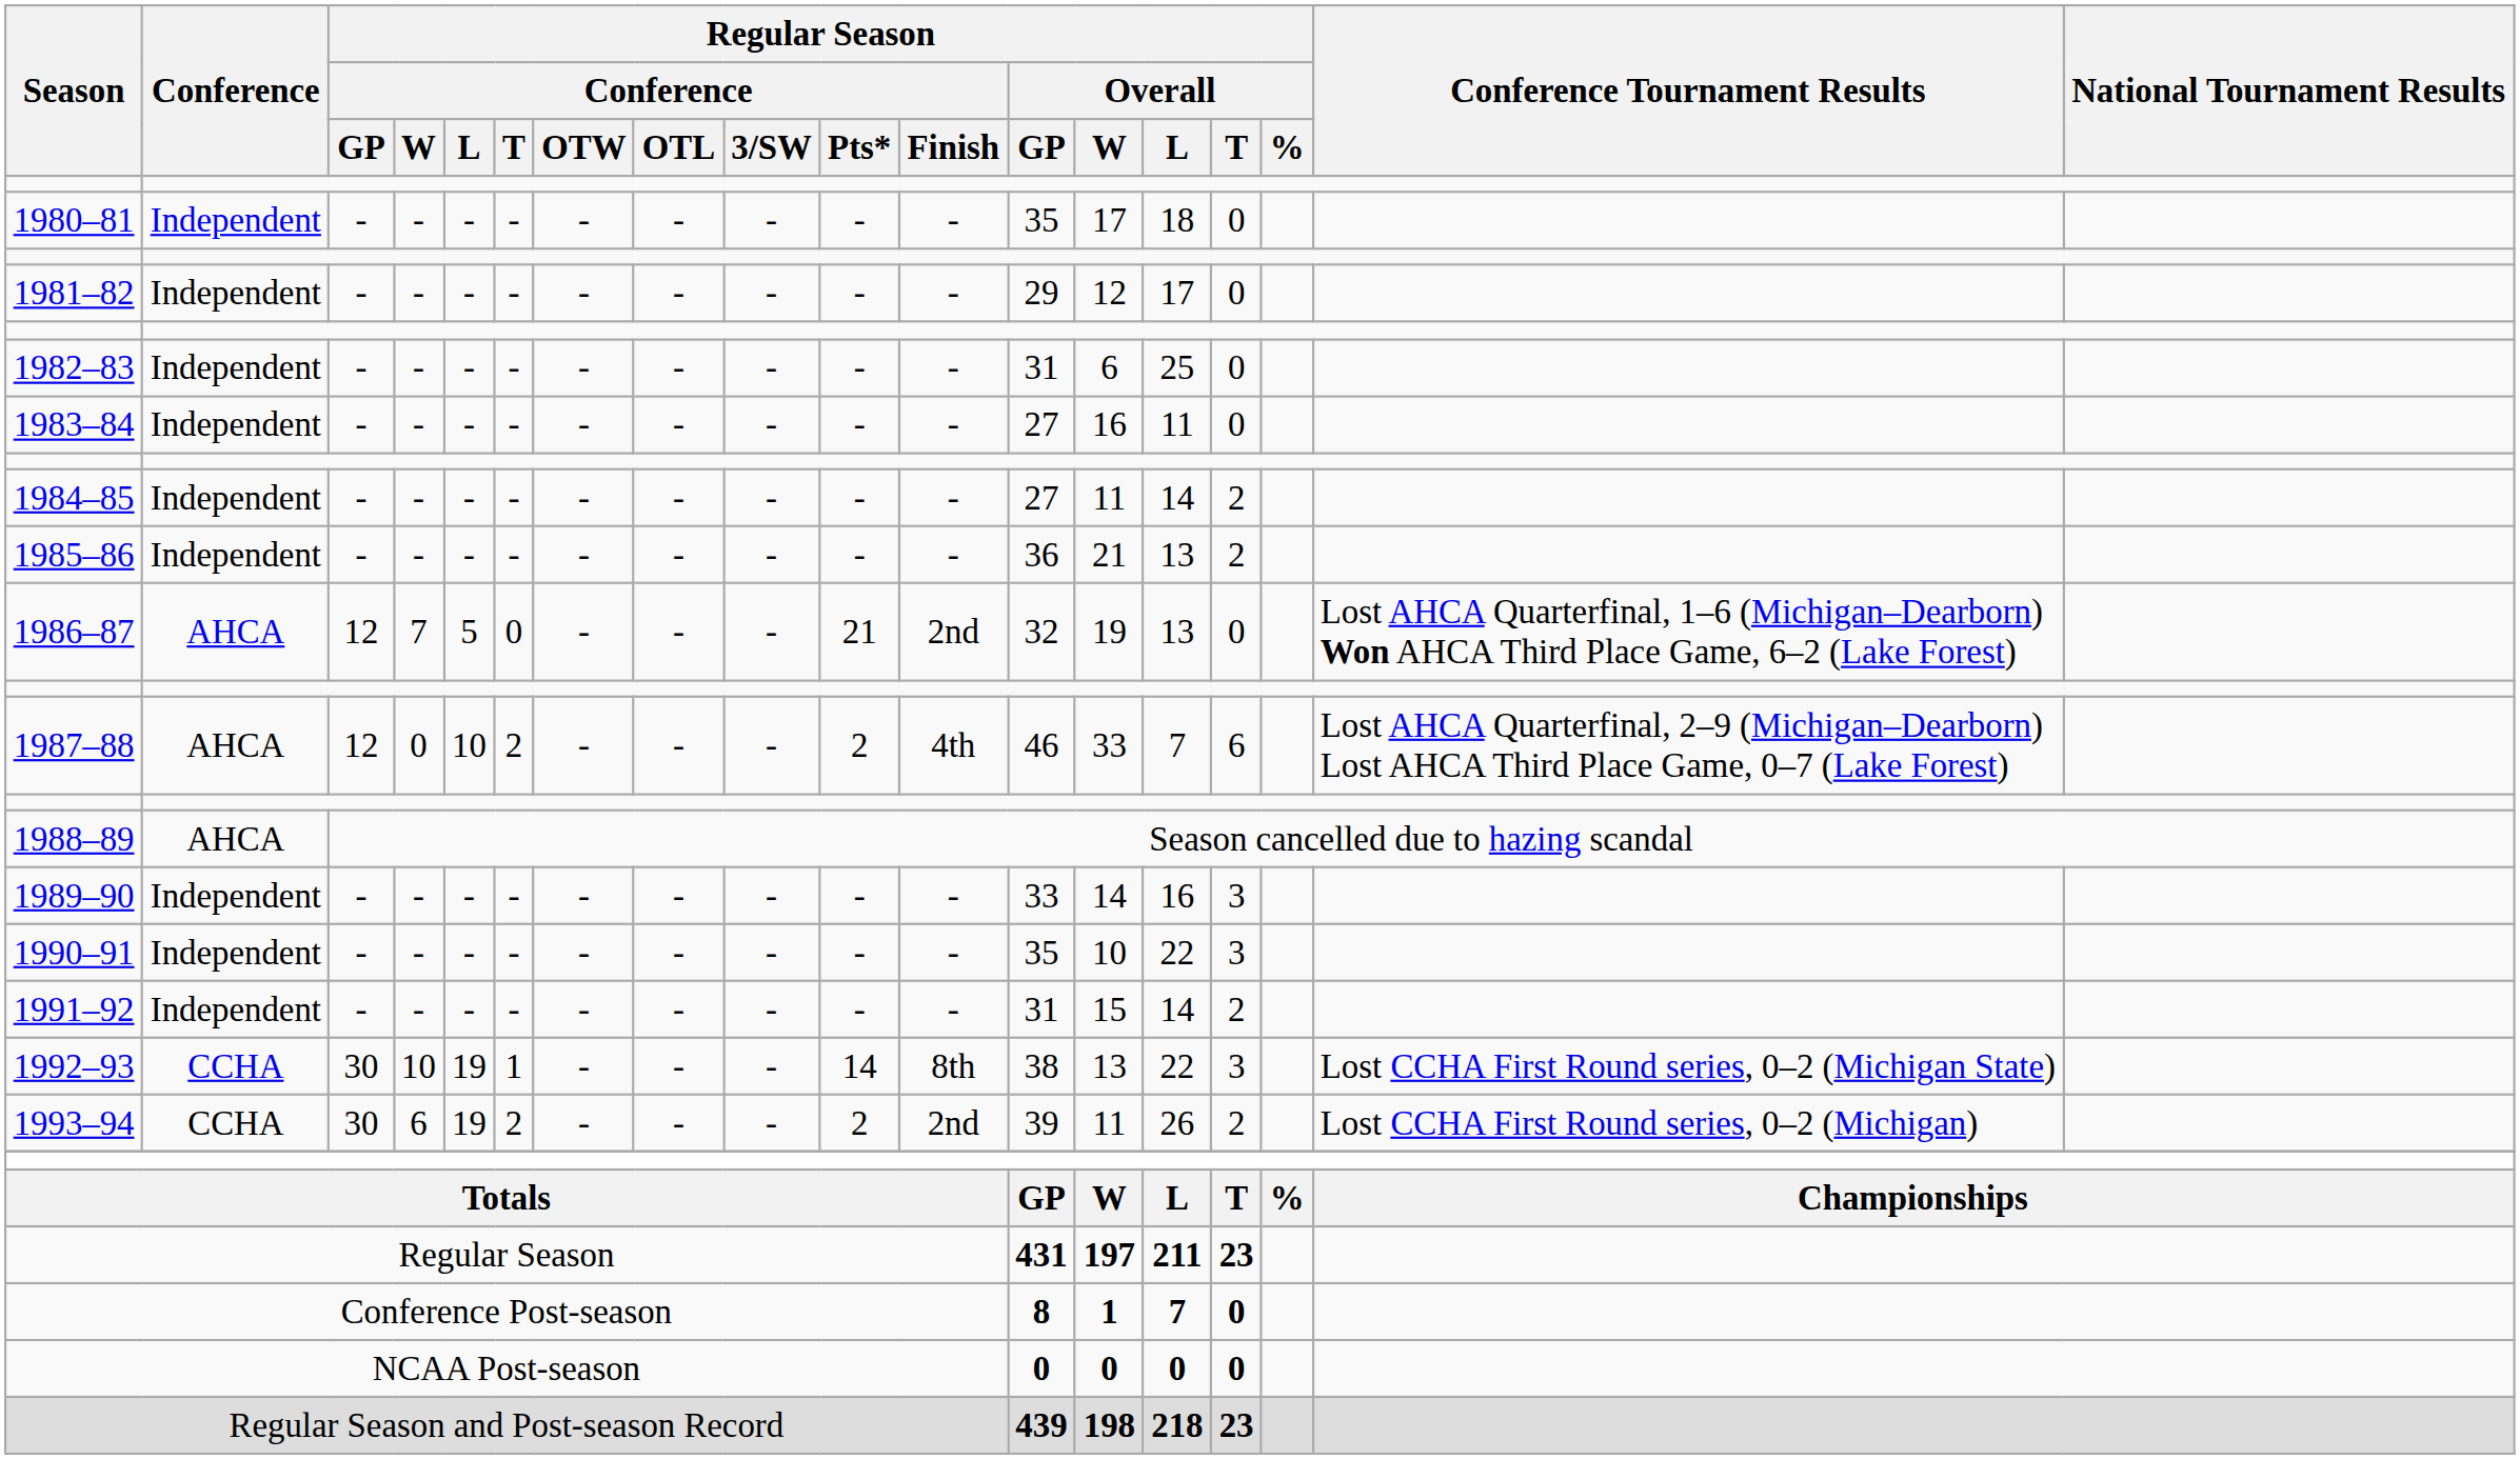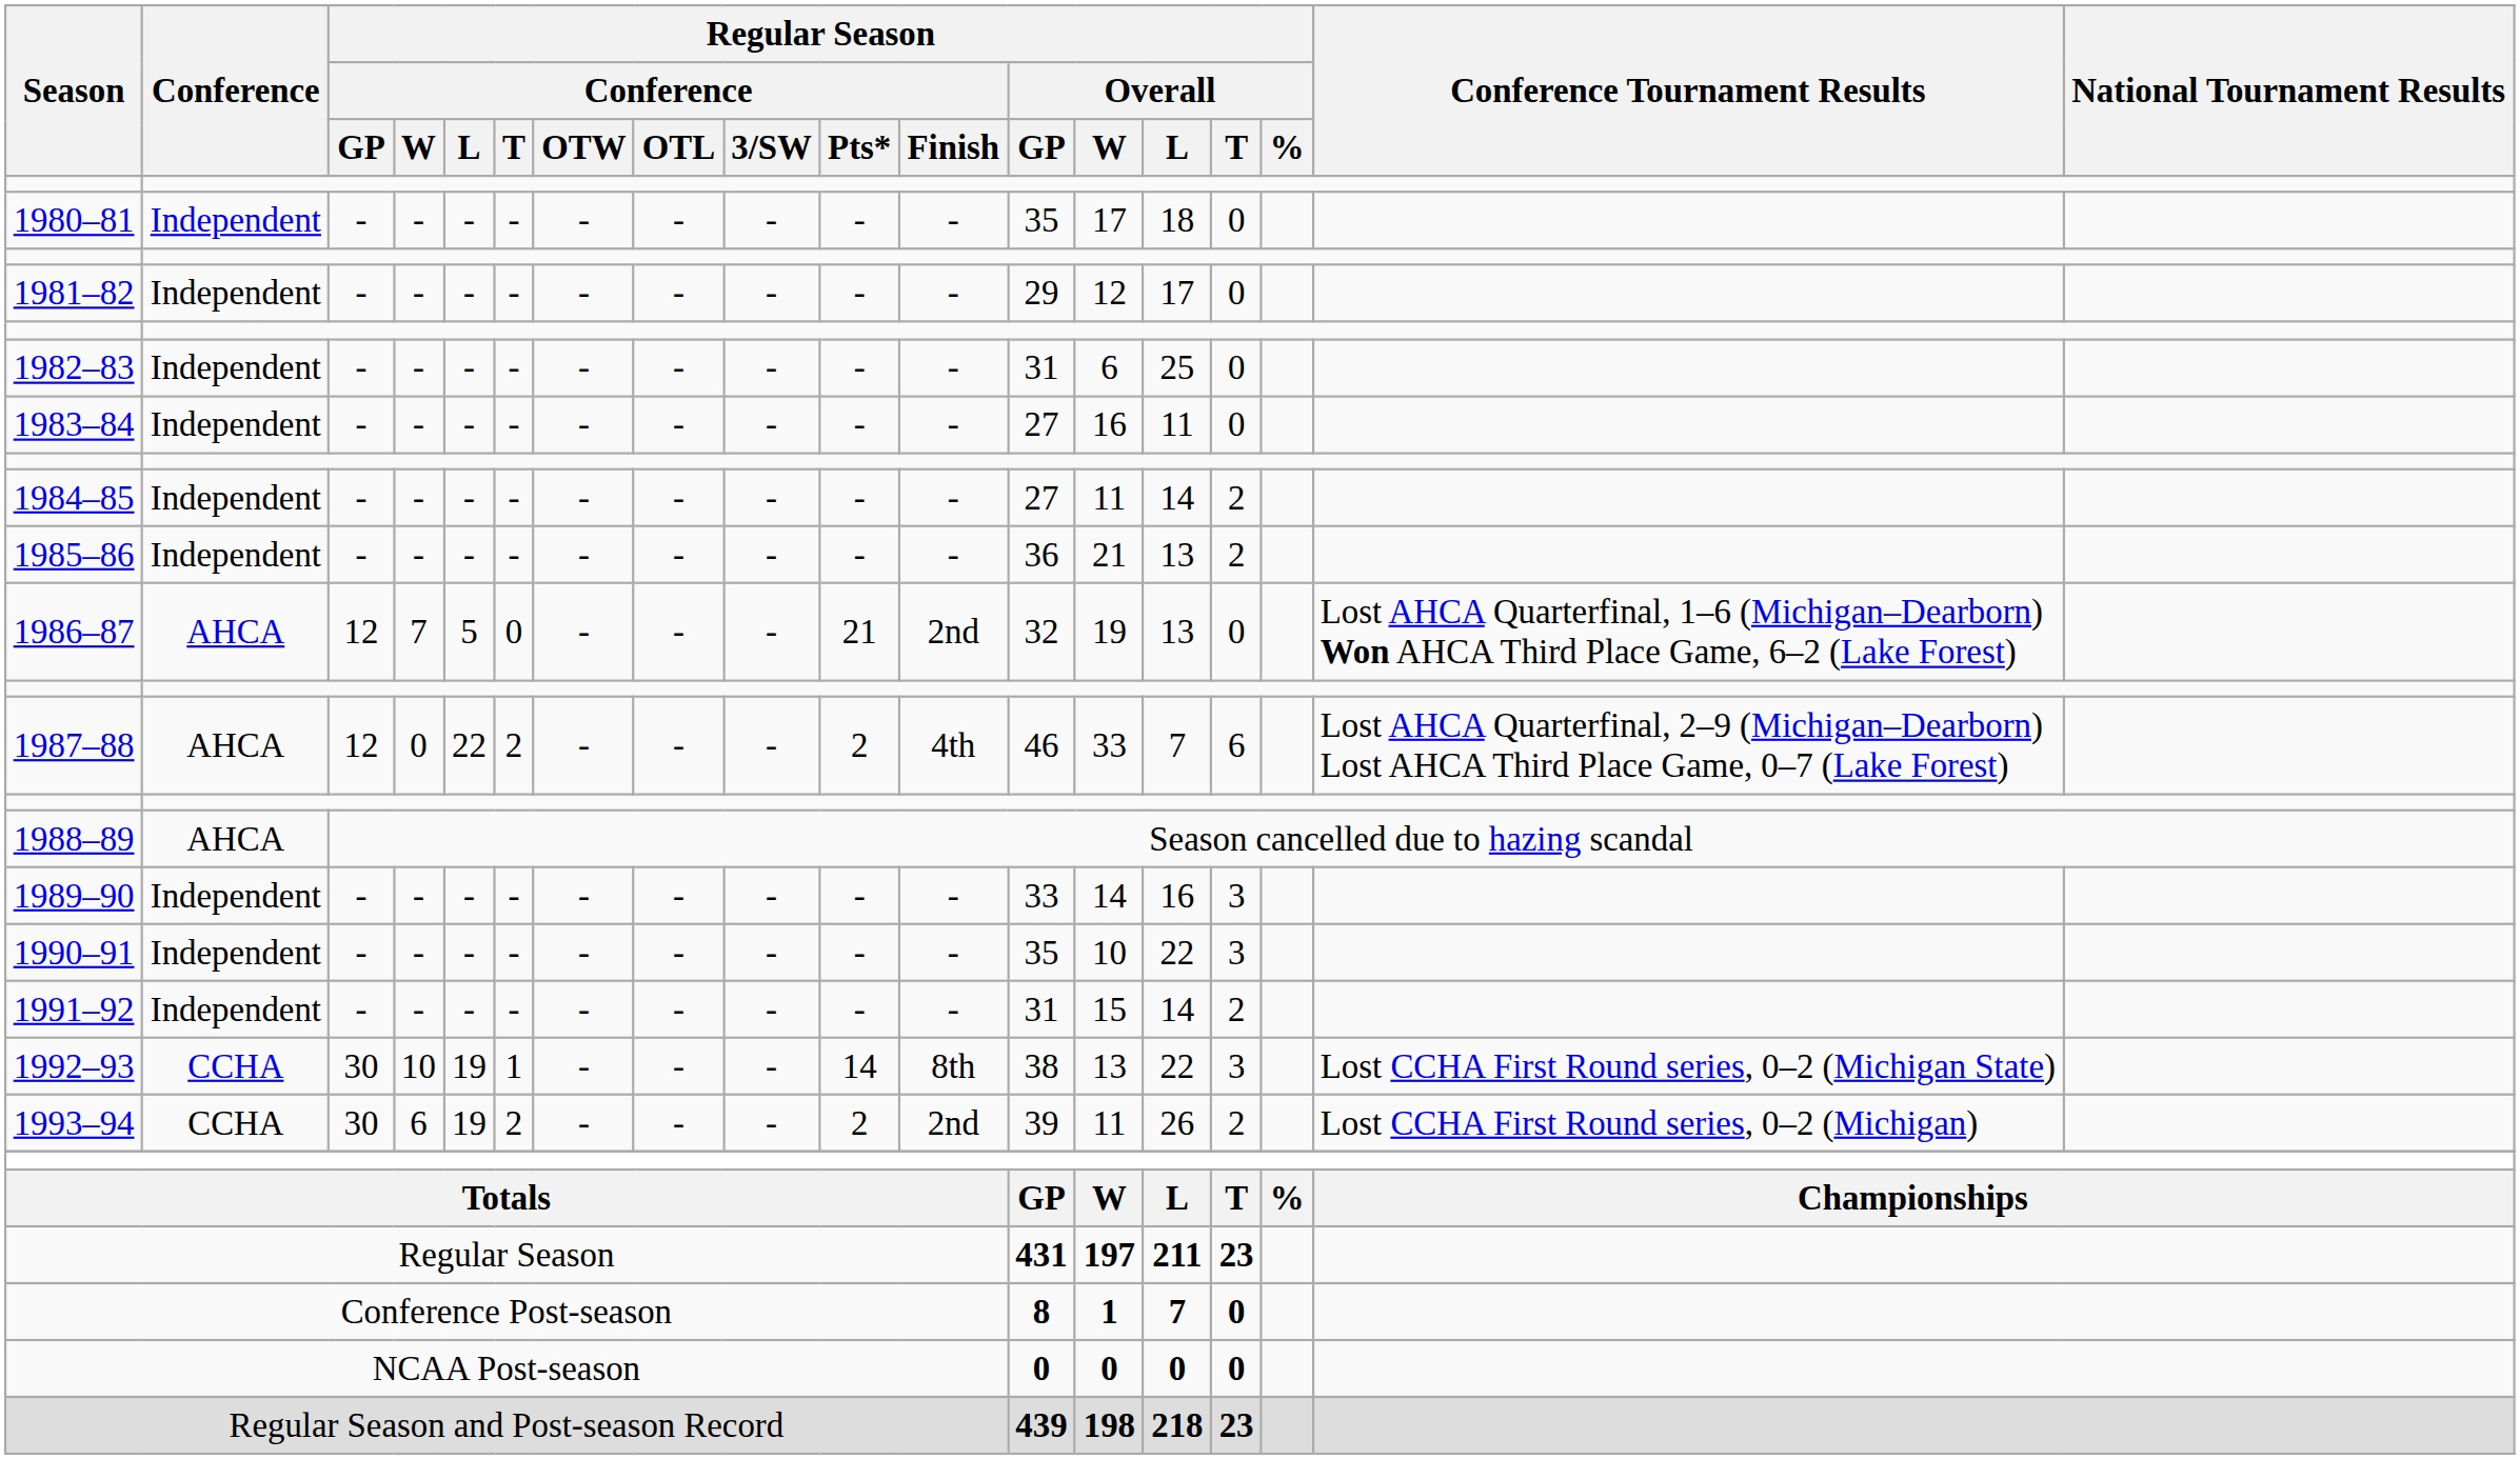 <table class="wikitable" style="text-align: center; font-size: 95%">
 <tr>
 <th rowspan="3">Season</th>
 <th rowspan="3">Conference</th>
 <th colspan="14">Regular Season</th>
 <th rowspan="3">Conference Tournament Results</th>
 <th rowspan="3">National Tournament Results</th>
 </tr>
 <tr>
 <th colspan="9">Conference</th>
 <th colspan="5">Overall</th>
 </tr>
 <tr>
 <th>GP</th>
 <th>W</th>
 <th>L</th>
 <th>T</th>
 <th>OTW</th>
 <th>OTL</th>
 <th>3/SW</th>
 <th>Pts*</th>
 <th>Finish</th>
 <th>GP</th>
 <th>W</th>
 <th>L</th>
 <th>T</th>
 <th>%</th>
 </tr>
 <tr>
 <td><a href='#'></a> </td>
 </tr>
 <tr>
 <td><a href='#'>1980–81</a></td>
 <td><a href='#'>Independent</a></td>
 <td>-</td>
 <td>-</td>
 <td>-</td>
 <td>-</td>
 <td>-</td>
 <td>-</td>
 <td>-</td>
 <td>-</td>
 <td>-</td>
 <td>35</td>
 <td>17</td>
 <td>18</td>
 <td>0</td>
 <td></td>
 <td align="left"></td>
 <td align="left"></td>
 </tr>
 <tr>
 <td><a href='#'></a> </td>
 </tr>
 <tr>
 <td><a href='#'>1981–82</a></td>
 <td>Independent</td>
 <td>-</td>
 <td>-</td>
 <td>-</td>
 <td>-</td>
 <td>-</td>
 <td>-</td>
 <td>-</td>
 <td>-</td>
 <td>-</td>
 <td>29</td>
 <td>12</td>
 <td>17</td>
 <td>0</td>
 <td></td>
 <td align="left"></td>
 <td align="left"></td>
 </tr>
 <tr>
 <td><a href='#'></a> </td>
 </tr>
 <tr>
 <td><a href='#'>1982–83</a></td>
 <td>Independent</td>
 <td>-</td>
 <td>-</td>
 <td>-</td>
 <td>-</td>
 <td>-</td>
 <td>-</td>
 <td>-</td>
 <td>-</td>
 <td>-</td>
 <td>31</td>
 <td>6</td>
 <td>25</td>
 <td>0</td>
 <td></td>
 <td align="left"></td>
 <td align="left"></td>
 </tr>
 <tr>
 <td><a href='#'>1983–84</a></td>
 <td>Independent</td>
 <td>-</td>
 <td>-</td>
 <td>-</td>
 <td>-</td>
 <td>-</td>
 <td>-</td>
 <td>-</td>
 <td>-</td>
 <td>-</td>
 <td>27</td>
 <td>16</td>
 <td>11</td>
 <td>0</td>
 <td></td>
 <td align="left"></td>
 <td align="left"></td>
 </tr>
 <tr>
 <td><a href='#'></a> </td>
 </tr>
 <tr>
 <td><a href='#'>1984–85</a></td>
 <td>Independent</td>
 <td>-</td>
 <td>-</td>
 <td>-</td>
 <td>-</td>
 <td>-</td>
 <td>-</td>
 <td>-</td>
 <td>-</td>
 <td>-</td>
 <td>27</td>
 <td>11</td>
 <td>14</td>
 <td>2</td>
 <td></td>
 <td align="left"></td>
 <td align="left"></td>
 </tr>
 <tr>
 <td><a href='#'>1985–86</a></td>
 <td>Independent</td>
 <td>-</td>
 <td>-</td>
 <td>-</td>
 <td>-</td>
 <td>-</td>
 <td>-</td>
 <td>-</td>
 <td>-</td>
 <td>-</td>
 <td>36</td>
 <td>21</td>
 <td>13</td>
 <td>2</td>
 <td></td>
 <td align="left"></td>
 <td align="left"></td>
 </tr>
 <tr>
 <td><a href='#'>1986–87</a></td>
 <td><a href='#'>AHCA</a></td>
 <td>12</td>
 <td>7</td>
 <td>5</td>
 <td>0</td>
 <td>-</td>
 <td>-</td>
 <td>-</td>
 <td>21</td>
 <td>2nd</td>
 <td>32</td>
 <td>19</td>
 <td>13</td>
 <td>0</td>
 <td></td>
 <td align="left">Lost <a href='#'>AHCA</a> Quarterfinal, 1–6 (<a href='#'>Michigan–Dearborn</a>)<br> <strong>Won</strong> AHCA Third Place Game, 6–2 (<a href='#'>Lake Forest</a>)</td>
 <td align="left"></td>
 </tr>
 <tr>
 <td><a href='#'></a> </td>
 </tr>
 <tr>
 <td><a href='#'>1987–88</a></td>
 <td>AHCA</td>
 <td>12</td>
 <td>0</td>
-<td>10</td>
+<td>22</td>
 <td>2</td>
 <td>-</td>
 <td>-</td>
 <td>-</td>
 <td>2</td>
 <td>4th</td>
 <td>46</td>
 <td>33</td>
 <td>7</td>
 <td>6</td>
 <td></td>
 <td align="left">Lost <a href='#'>AHCA</a> Quarterfinal, 2–9 (<a href='#'>Michigan–Dearborn</a>)<br> Lost AHCA Third Place Game, 0–7 (<a href='#'>Lake Forest</a>)</td>
 <td align="left"></td>
 </tr>
 <tr>
 <td><a href='#'></a> </td>
 </tr>
 <tr>
 <td><a href='#'>1988–89</a></td>
 <td>AHCA</td>
 <td colspan=16>Season cancelled due to <a href='#'>hazing</a> scandal</td>
 </tr>
 <tr>
 <td><a href='#'>1989–90</a></td>
 <td>Independent</td>
 <td>-</td>
 <td>-</td>
 <td>-</td>
 <td>-</td>
 <td>-</td>
 <td>-</td>
 <td>-</td>
 <td>-</td>
 <td>-</td>
 <td>33</td>
 <td>14</td>
 <td>16</td>
 <td>3</td>
 <td></td>
 <td align="left"></td>
 <td align="left"></td>
 </tr>
 <tr>
 <td><a href='#'>1990–91</a></td>
 <td>Independent</td>
 <td>-</td>
 <td>-</td>
 <td>-</td>
 <td>-</td>
 <td>-</td>
 <td>-</td>
 <td>-</td>
 <td>-</td>
 <td>-</td>
 <td>35</td>
 <td>10</td>
 <td>22</td>
 <td>3</td>
 <td></td>
 <td align="left"></td>
 <td align="left"></td>
 </tr>
 <tr>
 <td><a href='#'>1991–92</a></td>
 <td>Independent</td>
 <td>-</td>
 <td>-</td>
 <td>-</td>
 <td>-</td>
 <td>-</td>
 <td>-</td>
 <td>-</td>
 <td>-</td>
 <td>-</td>
 <td>31</td>
 <td>15</td>
 <td>14</td>
 <td>2</td>
 <td></td>
 <td align="left"></td>
 <td align="left"></td>
 </tr>
 <tr>
 <td><a href='#'>1992–93</a></td>
 <td><a href='#'>CCHA</a></td>
 <td>30</td>
 <td>10</td>
 <td>19</td>
 <td>1</td>
 <td>-</td>
 <td>-</td>
 <td>-</td>
 <td>14</td>
 <td>8th</td>
 <td>38</td>
 <td>13</td>
 <td>22</td>
 <td>3</td>
 <td></td>
 <td align="left">Lost <a href='#'>CCHA First Round series</a>, 0–2 (<a href='#'>Michigan State</a>)</td>
 <td align="left"></td>
 </tr>
 <tr>
 <td><a href='#'>1993–94</a></td>
 <td>CCHA</td>
 <td>30</td>
 <td>6</td>
 <td>19</td>
 <td>2</td>
 <td>-</td>
 <td>-</td>
 <td>-</td>
 <td>2</td>
 <td>2nd</td>
 <td>39</td>
 <td>11</td>
 <td>26</td>
 <td>2</td>
 <td></td>
 <td align="left">Lost <a href='#'>CCHA First Round series</a>, 0–2 (<a href='#'>Michigan</a>)</td>
 <td align="left"></td>
 </tr>
 <tr>
 </tr>
 <tr ->
 </tr>
 <tr>
 <td colspan="18" style="background:#fff;"></td>
 </tr>
 <tr>
 <th colspan="11">Totals</th>
 <th>GP</th>
 <th>W</th>
 <th>L</th>
 <th>T</th>
 <th>%</th>
 <th colspan="2">Championships</th>
 </tr>
 <tr>
 <td colspan="11">Regular Season</td>
 <td><strong>431</strong></td>
 <td><strong>197</strong></td>
 <td><strong>211</strong></td>
 <td><strong>23</strong></td>
 <td><strong></strong></td>
 <td colspan="2" align="left"></td>
 </tr>
 <tr>
 <td colspan="11">Conference Post-season</td>
 <td><strong>8</strong></td>
 <td><strong>1</strong></td>
 <td><strong>7</strong></td>
 <td><strong>0</strong></td>
 <td><strong></strong></td>
 <td colspan="2" align="left"></td>
 </tr>
 <tr>
 <td colspan="11">NCAA Post-season</td>
 <td><strong>0</strong></td>
 <td><strong>0</strong></td>
 <td><strong>0</strong></td>
 <td><strong>0</strong></td>
 <td><strong></strong></td>
 <td colspan="2" align="left"></td>
 </tr>
 <tr bgcolor=dddddd>
 <td colspan="11">Regular Season and Post-season Record</td>
 <td><strong>439</strong></td>
 <td><strong>198</strong></td>
 <td><strong>218</strong></td>
 <td><strong>23</strong></td>
 <td><strong></strong></td>
 <td colspan="2" align="left"></td>
 </tr>
 </table>
